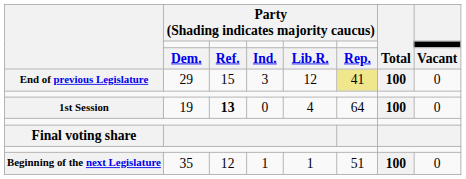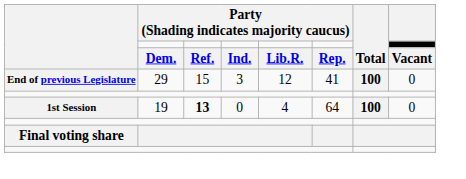 <table class=wikitable style="text-align:center">
 <tr style="vertical-align:bottom;">
 <th rowspan=3></th>
 <th colspan=5>Party <div>(Shading indicates majority caucus)</div></th>
 <th rowspan=3>Total</th>
 <th></th>
 </tr>
 <tr style="height:5px">
 <td style="background-color:"></td>
 <td style="background-color:"></td>
 <td style="background-color:"></td>
 <td style="background-color:"></td>
 <td style="background-color:"></td>
 <td style="background:black;"></td>
 </tr>
 <tr>
 <th><a href='#'>Dem.</a></th>
 <th><a href='#'>Ref.</a></th>
 <th><a href='#'>Ind.</a></th>
 <th><a href='#'>Lib.R.</a></th>
 <th><a href='#'>Rep.</a></th>
 <th>Vacant</th>
 </tr>
 <tr>
 <th style="font-size:80%;">End of <a href='#'>previous Legislature</a></th>
 <td>29</td>
 <td>15</td>
 <td>3</td>
 <td>12</td>
-<td style="background: khaki;">41</td>
+<td>41</td>
 <th>100</th>
 <td>0</td>
 </tr>
 <tr>
 <td colspan=6></td>
 </tr>
 <tr>
 <th style="font-size:80%;">1st Session</th>
 <td>19</td>
 <td><strong>13</strong></td>
 <td>0</td>
 <td>4</td>
 <td>64</td>
 <th>100</th>
 <td>0</td>
 </tr>
 <tr>
 <td colspan=6></td>
 </tr>
 <tr>
 <th>Final voting share</th>
 <th colspan=4></th>
 <th></th>
 <th colspan=2></th>
 </tr>
 <tr>
 <td colspan=6></td>
 </tr>
-<tr>
-<th style="font-size:80%;">Beginning of the <a href='#'>next Legislature</a></th>
-<td>35</td>
-<td>12</td>
-<td>1</td>
-<td>1</td>
-<td>51</td>
-<th>100</th>
-<td>0</td>
-</tr>
 </table>
